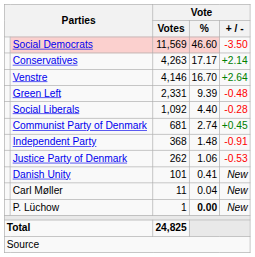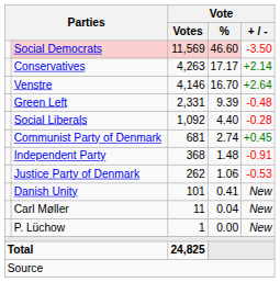 <table class="wikitable" style="text-align:right;">
 <tr>
 <th style="text-align:centre;" rowspan="2" colspan="2" width="225">Parties</th>
 <th colspan="3">Vote</th>
 </tr>
 <tr>
 <th width="15">Votes</th>
 <th width="15">%</th>
 <th width="15">+ / -</th>
 </tr>
 <tr>
 <td width="2" style="color:inherit;background:"></td>
 <td bgcolor=#fbd0ce  align="left"><a href='#'>Social Democrats</a></td>
 <td bgcolor=#fbd0ce>11,569</td>
 <td bgcolor=#fbd0ce>46.60</td>
 <td style=color:red;>-3.50</td>
 </tr>
 <tr>
 <td width="2" style="color:inherit;background:"></td>
 <td align="left"><a href='#'>Conservatives</a></td>
 <td>4,263</td>
 <td>17.17</td>
 <td style=color:green;>+2.14</td>
 </tr>
 <tr>
 <td width="2" style="color:inherit;background:"></td>
 <td align="left"><a href='#'>Venstre</a></td>
 <td>4,146</td>
 <td>16.70</td>
 <td style=color:green;>+2.64</td>
 </tr>
 <tr>
 <td width="2" style="color:inherit;background:"></td>
 <td align="left"><a href='#'>Green Left</a></td>
 <td>2,331</td>
 <td>9.39</td>
 <td style=color:red;>-0.48</td>
 </tr>
 <tr>
 <td width="2" style="color:inherit;background:"></td>
 <td align="left"><a href='#'>Social Liberals</a></td>
 <td>1,092</td>
 <td>4.40</td>
 <td style=color:red;>-0.28</td>
 </tr>
 <tr>
 <td width="2" style="color:inherit;background:"></td>
 <td align="left"><a href='#'>Communist Party of Denmark</a></td>
 <td>681</td>
 <td>2.74</td>
 <td style=color:green;>+0.45</td>
 </tr>
 <tr>
 <td width="2" style="color:inherit;background:"></td>
 <td align="left"><a href='#'>Independent Party</a></td>
 <td>368</td>
 <td>1.48</td>
 <td style=color:red;>-0.91</td>
 </tr>
 <tr>
 <td width="2" style="color:inherit;background:"></td>
 <td align="left"><a href='#'>Justice Party of Denmark</a></td>
 <td>262</td>
 <td>1.06</td>
 <td style=color:red;>-0.53</td>
 </tr>
 <tr>
 <td width="2" style="color:inherit;background:"></td>
 <td align="left"><a href='#'>Danish Unity</a></td>
 <td>101</td>
 <td>0.41</td>
 <td><em>New</em></td>
 </tr>
 <tr>
 <td width="2" style="color:inherit;background:"></td>
 <td align="left">Carl Møller</td>
 <td>11</td>
 <td>0.04</td>
 <td><em>New</em></td>
 </tr>
 <tr>
 <td width="2" style="color:inherit;background:"></td>
 <td align="left">P. Lüchow</td>
 <td>1</td>
-<td><strong>0.00</strong></td>
+<td>0.00</td>
 <td><em>New</em></td>
 </tr>
 <tr>
 <td colspan="7" bgcolor="#E9E9E9"></td>
 </tr>
 <tr>
 <td align="left" colspan="2"><strong>Total</strong></td>
 <td><strong>24,825</strong></td>
 <td bgcolor="#E9E9E9" colspan="2"></td>
 </tr>
 <tr>
 <td align="left" colspan="6">Source</td>
 </tr>
 </table>
